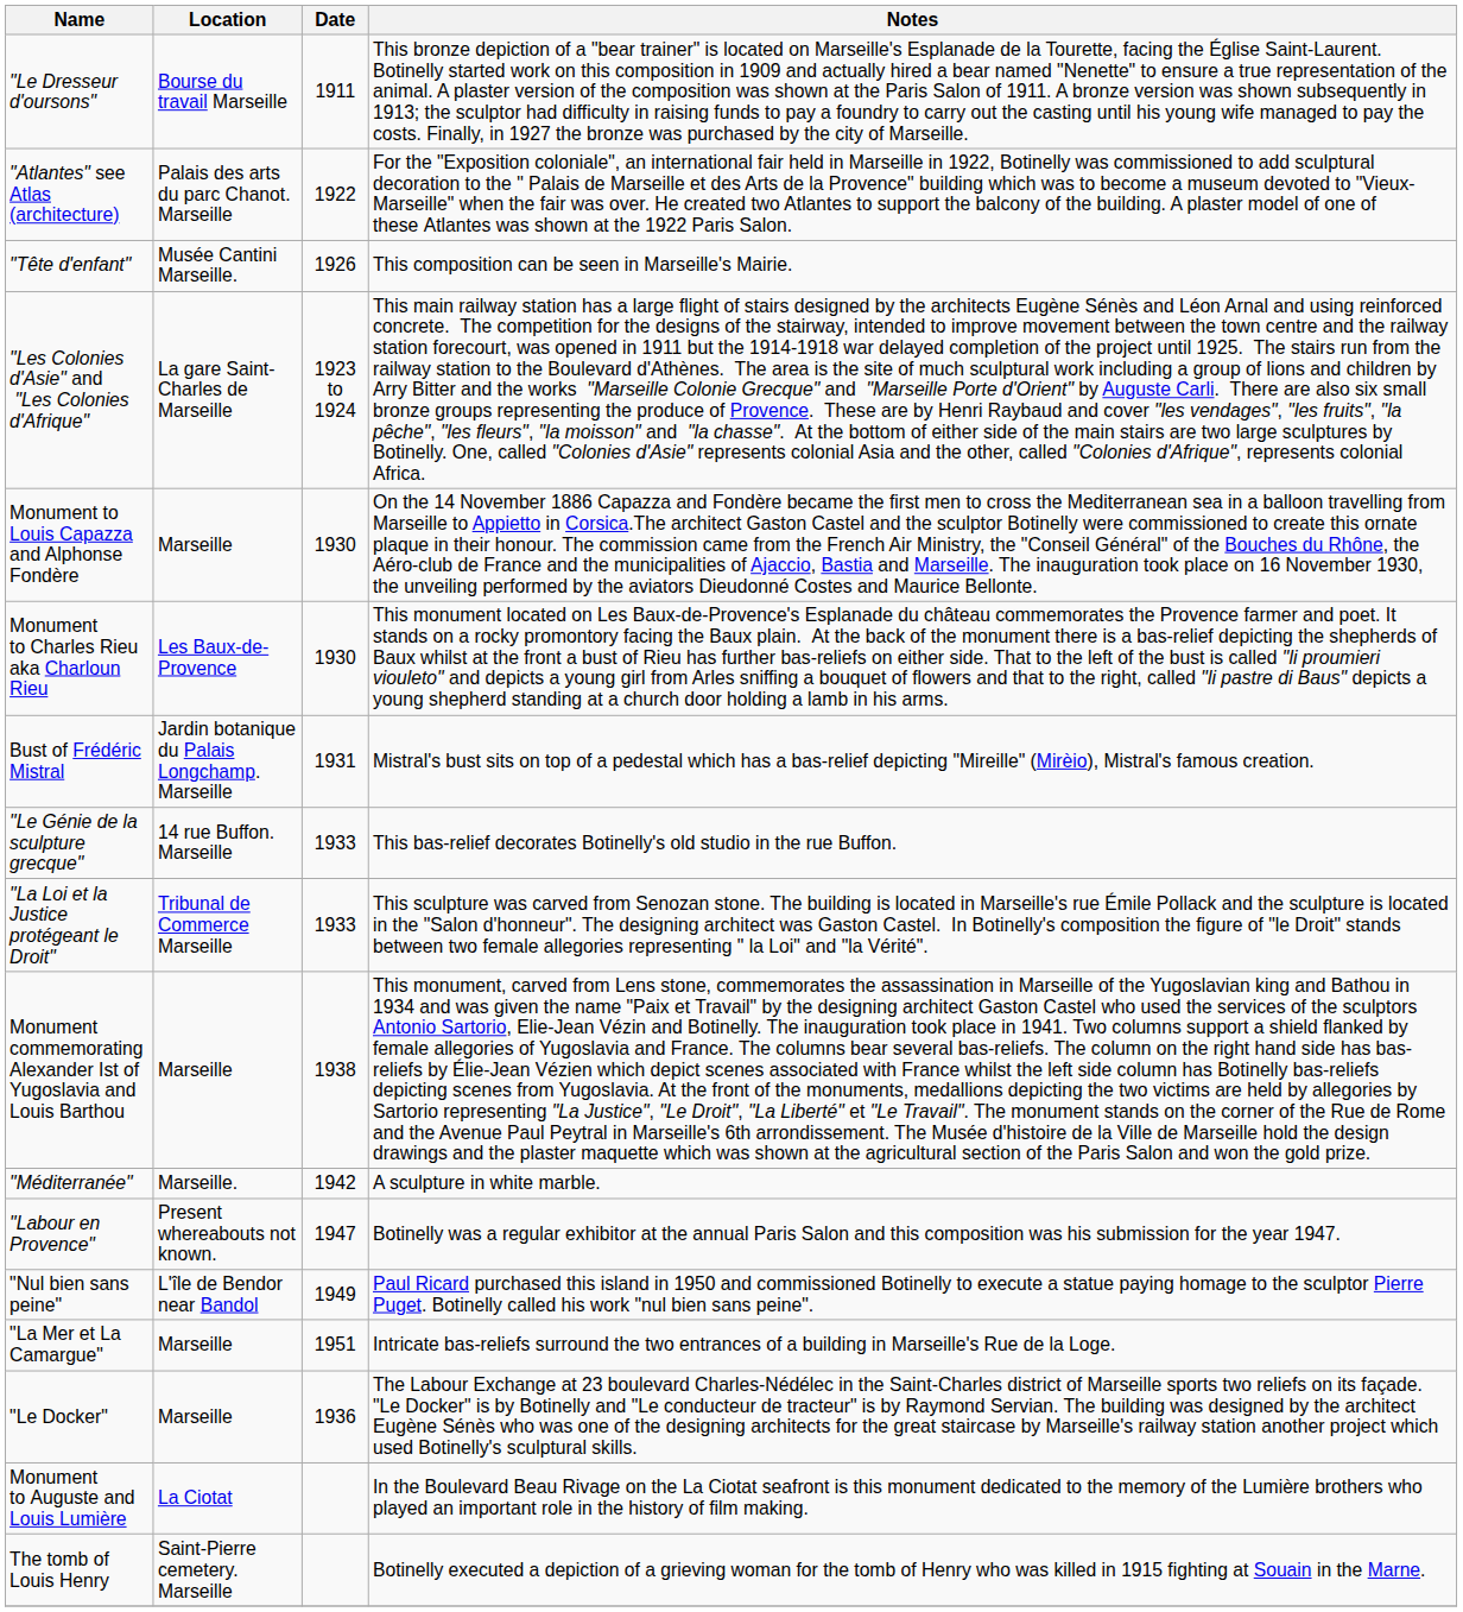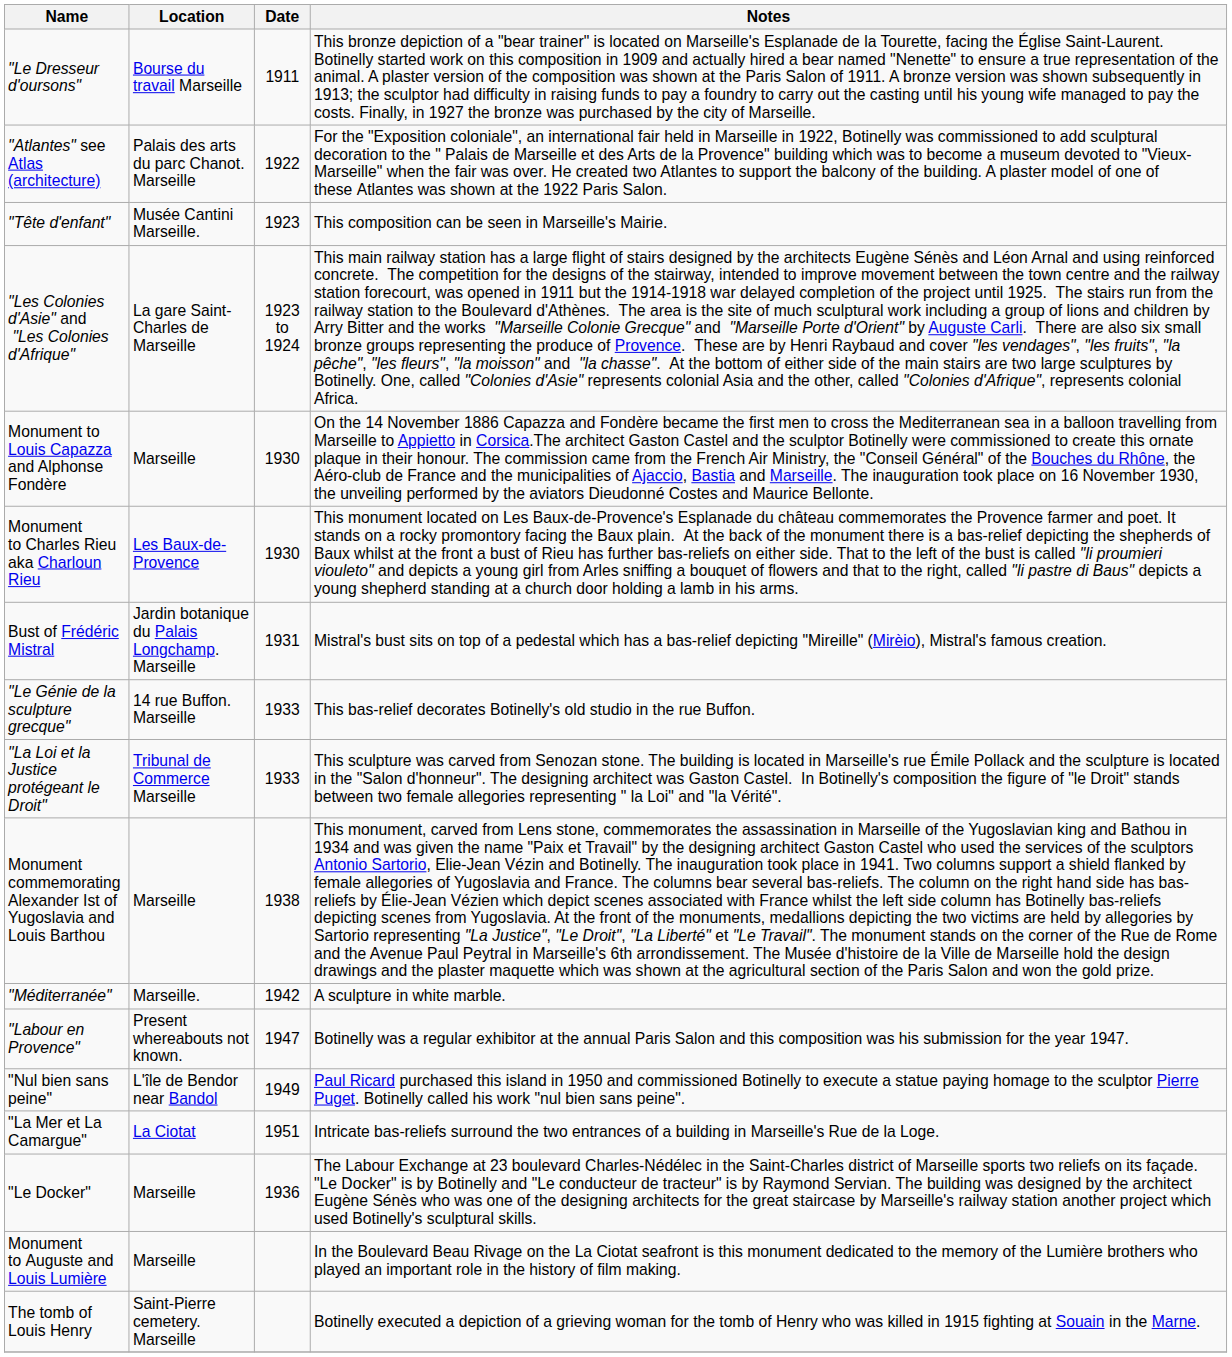 <table class="wikitable sortable plainrowheaders">
 <tr>
 <th style="width:120px">Name</th>
 <th style="width:120px">Location</th>
 <th style="width:50px" >Date</th>
 <th class="unsortable" >Notes</th>
 </tr>
 <tr>
 <td><em>"Le Dresseur d'oursons"</em></td>
 <td><a href='#'>Bourse du travail</a> Marseille</td>
 <td align="center">1911</td>
 <td>This bronze depiction of a "bear trainer" is located on Marseille's Esplanade de la Tourette, facing the Église Saint-Laurent. Botinelly started work on this composition in 1909 and actually hired a bear named "Nenette" to ensure a true representation of the animal.  A plaster version of the composition was shown at the Paris Salon of 1911. A bronze version was shown subsequently in 1913; the sculptor had difficulty in raising funds to pay a foundry to carry out the casting until his young wife managed to pay the costs. Finally, in 1927 the bronze was purchased by the city of Marseille.<br></td>
 </tr>
 <tr>
 <td><em>"Atlantes"</em> see <a href='#'>Atlas (architecture)</a></td>
 <td>Palais des arts du parc Chanot. Marseille</td>
 <td align="center">1922</td>
 <td>For the "Exposition coloniale", an international fair held in Marseille in 1922,  Botinelly was commissioned to add sculptural decoration to the " Palais de Marseille et des Arts de la Provence" building which was to become a museum devoted to "Vieux-Marseille" when the fair was over.  He created two Atlantes to support the balcony of the building. A plaster model of one of these Atlantes was shown at the 1922 Paris Salon.<br></td>
 </tr>
 <tr>
 <td><em>"Tête d'enfant"</em></td>
 <td>Musée Cantini Marseille.</td>
-<td align="center">1926</td>
+<td align="center">1923</td>
 <td>This composition can be seen in Marseille's Mairie.<br></td>
 </tr>
 <tr>
 <td><em>"Les Colonies d'Asie"</em> and  <em>"Les Colonies d'Afrique"</em></td>
 <td>La gare Saint-Charles de Marseille</td>
 <td align="center">1923 to 1924</td>
 <td>This main railway station has a large flight of stairs designed by the architects Eugène Sénès and Léon Arnal and using reinforced concrete.  The competition for the designs of the stairway, intended to improve movement between the town centre and the railway station forecourt, was opened in 1911 but the 1914-1918 war delayed completion of the project until 1925.  The stairs run from the railway station to the Boulevard d'Athènes.  The area is the site of much sculptural work including a group of lions and children by Arry Bitter and the works  <em>"Marseille Colonie Grecque"</em> and  <em>"Marseille Porte d'Orient"</em> by <a href='#'>Auguste Carli</a>.  There are also six small bronze groups representing the produce of <a href='#'>Provence</a>.  These are by Henri Raybaud and cover <em>"les vendages"</em>, <em>"les fruits"</em>, <em>"la pêche"</em>, <em>"les fleurs"</em>, <em>"la moisson"</em> and  <em>"la chasse"</em>.  At the bottom of either side of the main stairs are two large sculptures by Botinelly.  One,  called <em>"Colonies d'Asie"</em> represents colonial Asia and the other, called <em>"Colonies d'Afrique"</em>, represents colonial Africa.</td>
 </tr>
 <tr>
 <td>Monument to <a href='#'>Louis Capazza</a> and Alphonse Fondère</td>
 <td>Marseille</td>
 <td align="center">1930</td>
 <td>On the 14 November 1886 Capazza and Fondère became the first men to cross the Mediterranean sea in a balloon travelling from Marseille to <a href='#'>Appietto</a> in <a href='#'>Corsica</a>.The architect Gaston Castel and the sculptor Botinelly were commissioned to create this ornate plaque in their honour. The commission came from the French Air Ministry, the "Conseil Général" of the <a href='#'>Bouches du Rhône</a>, the Aéro-club de France and the municipalities of <a href='#'>Ajaccio</a>, <a href='#'>Bastia</a> and <a href='#'>Marseille</a>. The inauguration took place on 16 November 1930, the unveiling performed by the aviators Dieudonné Costes and Maurice Bellonte.<br></td>
 </tr>
 <tr>
 <td>Monument to Charles Rieu aka <a href='#'>Charloun Rieu</a></td>
 <td><a href='#'>Les Baux-de-Provence</a></td>
 <td align="center">1930</td>
 <td>This monument located on Les Baux-de-Provence's Esplanade du château commemorates the Provence farmer and poet. It stands on a rocky promontory facing the Baux plain.  At the back of the monument there is a bas-relief depicting the shepherds of Baux whilst at the front a bust of Rieu has further bas-reliefs on either side. That to the left of the bust is called <em>"li proumieri viouleto"</em> and depicts a young girl from Arles sniffing a bouquet of flowers and that to the right, called <em>"li pastre di Baus"</em> depicts a young shepherd standing at a church door holding a lamb in his arms.<br></td>
 </tr>
 <tr>
 <td>Bust of <a href='#'>Frédéric Mistral</a></td>
 <td>Jardin botanique du <a href='#'>Palais Longchamp</a>. Marseille</td>
 <td align="center">1931</td>
 <td>Mistral's bust sits on top of a pedestal which has a bas-relief depicting "Mireille" (<a href='#'>Mirèio</a>), Mistral's famous creation.<br></td>
 </tr>
 <tr>
 <td><em>"Le Génie de la sculpture grecque"</em></td>
 <td>14 rue Buffon. Marseille</td>
 <td align="center">1933</td>
 <td>This bas-relief decorates Botinelly's old studio in the rue Buffon.<br></td>
 </tr>
 <tr>
 <td><em>"La Loi et la Justice protégeant le Droit"</em></td>
 <td><a href='#'>Tribunal de Commerce</a> Marseille</td>
 <td align="center">1933</td>
 <td>This sculpture was carved from Senozan stone. The building is located in Marseille's rue Émile Pollack and the sculpture is located in the "Salon d'honneur". The designing architect was Gaston Castel.  In Botinelly's composition the figure of "le Droit" stands between two female allegories representing " la Loi" and "la Vérité".<br></td>
 </tr>
 <tr>
 <td>Monument commemorating Alexander Ist of Yugoslavia and Louis Barthou</td>
 <td>Marseille</td>
 <td align="center">1938</td>
 <td>This monument, carved from Lens stone, commemorates the assassination in Marseille of the Yugoslavian king and Bathou in 1934 and was given the name "Paix et Travail" by the designing architect Gaston Castel who used the services of the sculptors <a href='#'>Antonio Sartorio</a>, Elie-Jean Vézin and Botinelly. The inauguration took place in 1941. Two columns support a shield flanked by female allegories of Yugoslavia and France. The columns bear several bas-reliefs. The column on the right hand side has bas-reliefs by Élie-Jean Vézien which depict scenes associated with France whilst the left side column has Botinelly bas-reliefs depicting scenes from Yugoslavia. At the front of the monuments, medallions depicting the two victims are held by allegories by Sartorio representing <em>"La Justice"</em>, <em>"Le Droit"</em>, <em>"La Liberté"</em> et <em>"Le Travail"</em>. The monument stands on the corner of the Rue de Rome and the Avenue Paul Peytral in Marseille's 6th arrondissement. The Musée d'histoire de la Ville de Marseille hold the design drawings and the plaster maquette which was shown at the agricultural section of the Paris Salon and won the gold prize.<br>  </td>
 </tr>
 <tr>
 <td><em>"Méditerranée"</em></td>
 <td>Marseille.</td>
 <td align="center">1942</td>
 <td>A sculpture in white marble.<br></td>
 </tr>
 <tr>
 <td><em>"Labour en Provence"</em></td>
 <td>Present whereabouts not known.</td>
 <td align="center">1947</td>
 <td>Botinelly was a regular exhibitor at the annual Paris Salon and this composition was his submission for the year 1947.<br></td>
 </tr>
 <tr>
 <td>"Nul bien sans peine"</td>
 <td>L'île de Bendor near <a href='#'>Bandol</a></td>
 <td align="center">1949</td>
 <td><a href='#'>Paul Ricard</a> purchased this island in 1950 and commissioned Botinelly to execute a statue paying homage to the sculptor <a href='#'>Pierre Puget</a>. Botinelly called his work "nul bien sans peine".<br></td>
 </tr>
 <tr>
 <td>"La Mer et La Camargue"</td>
-<td>Marseille</td>
+<td><a href='#'>La Ciotat</a></td>
 <td align="center">1951</td>
 <td>Intricate bas-reliefs surround the two entrances of a building in Marseille's Rue de la Loge.<br></td>
 </tr>
 <tr>
 <td>"Le Docker"</td>
 <td>Marseille</td>
 <td align="center">1936</td>
 <td>The Labour Exchange at 23 boulevard Charles-Nédélec in the Saint-Charles district of Marseille sports two reliefs on its façade. "Le Docker" is by Botinelly and "Le conducteur de tracteur" is by Raymond Servian. The building was designed by the architect Eugène Sénès who was one of the designing architects for the great staircase by Marseille's railway station another project which used Botinelly's sculptural skills.<br></td>
 </tr>
 <tr>
 <td>Monument to Auguste and <a href='#'>Louis Lumière</a></td>
-<td><a href='#'>La Ciotat</a></td>
+<td>Marseille</td>
 <td align="center"></td>
 <td>In the Boulevard Beau Rivage on the La Ciotat seafront is this monument dedicated to the memory of the Lumière brothers who played an important role in the history of film making.<br></td>
 </tr>
 <tr>
 <td>The tomb of Louis Henry</td>
 <td>Saint-Pierre cemetery. Marseille</td>
 <td align="center"></td>
 <td>Botinelly executed a depiction of a grieving woman for the tomb of Henry who was killed in 1915 fighting at <a href='#'>Souain</a> in the <a href='#'>Marne</a>.<br></td>
 </tr>
 <tr>
 </tr>
 </table>
